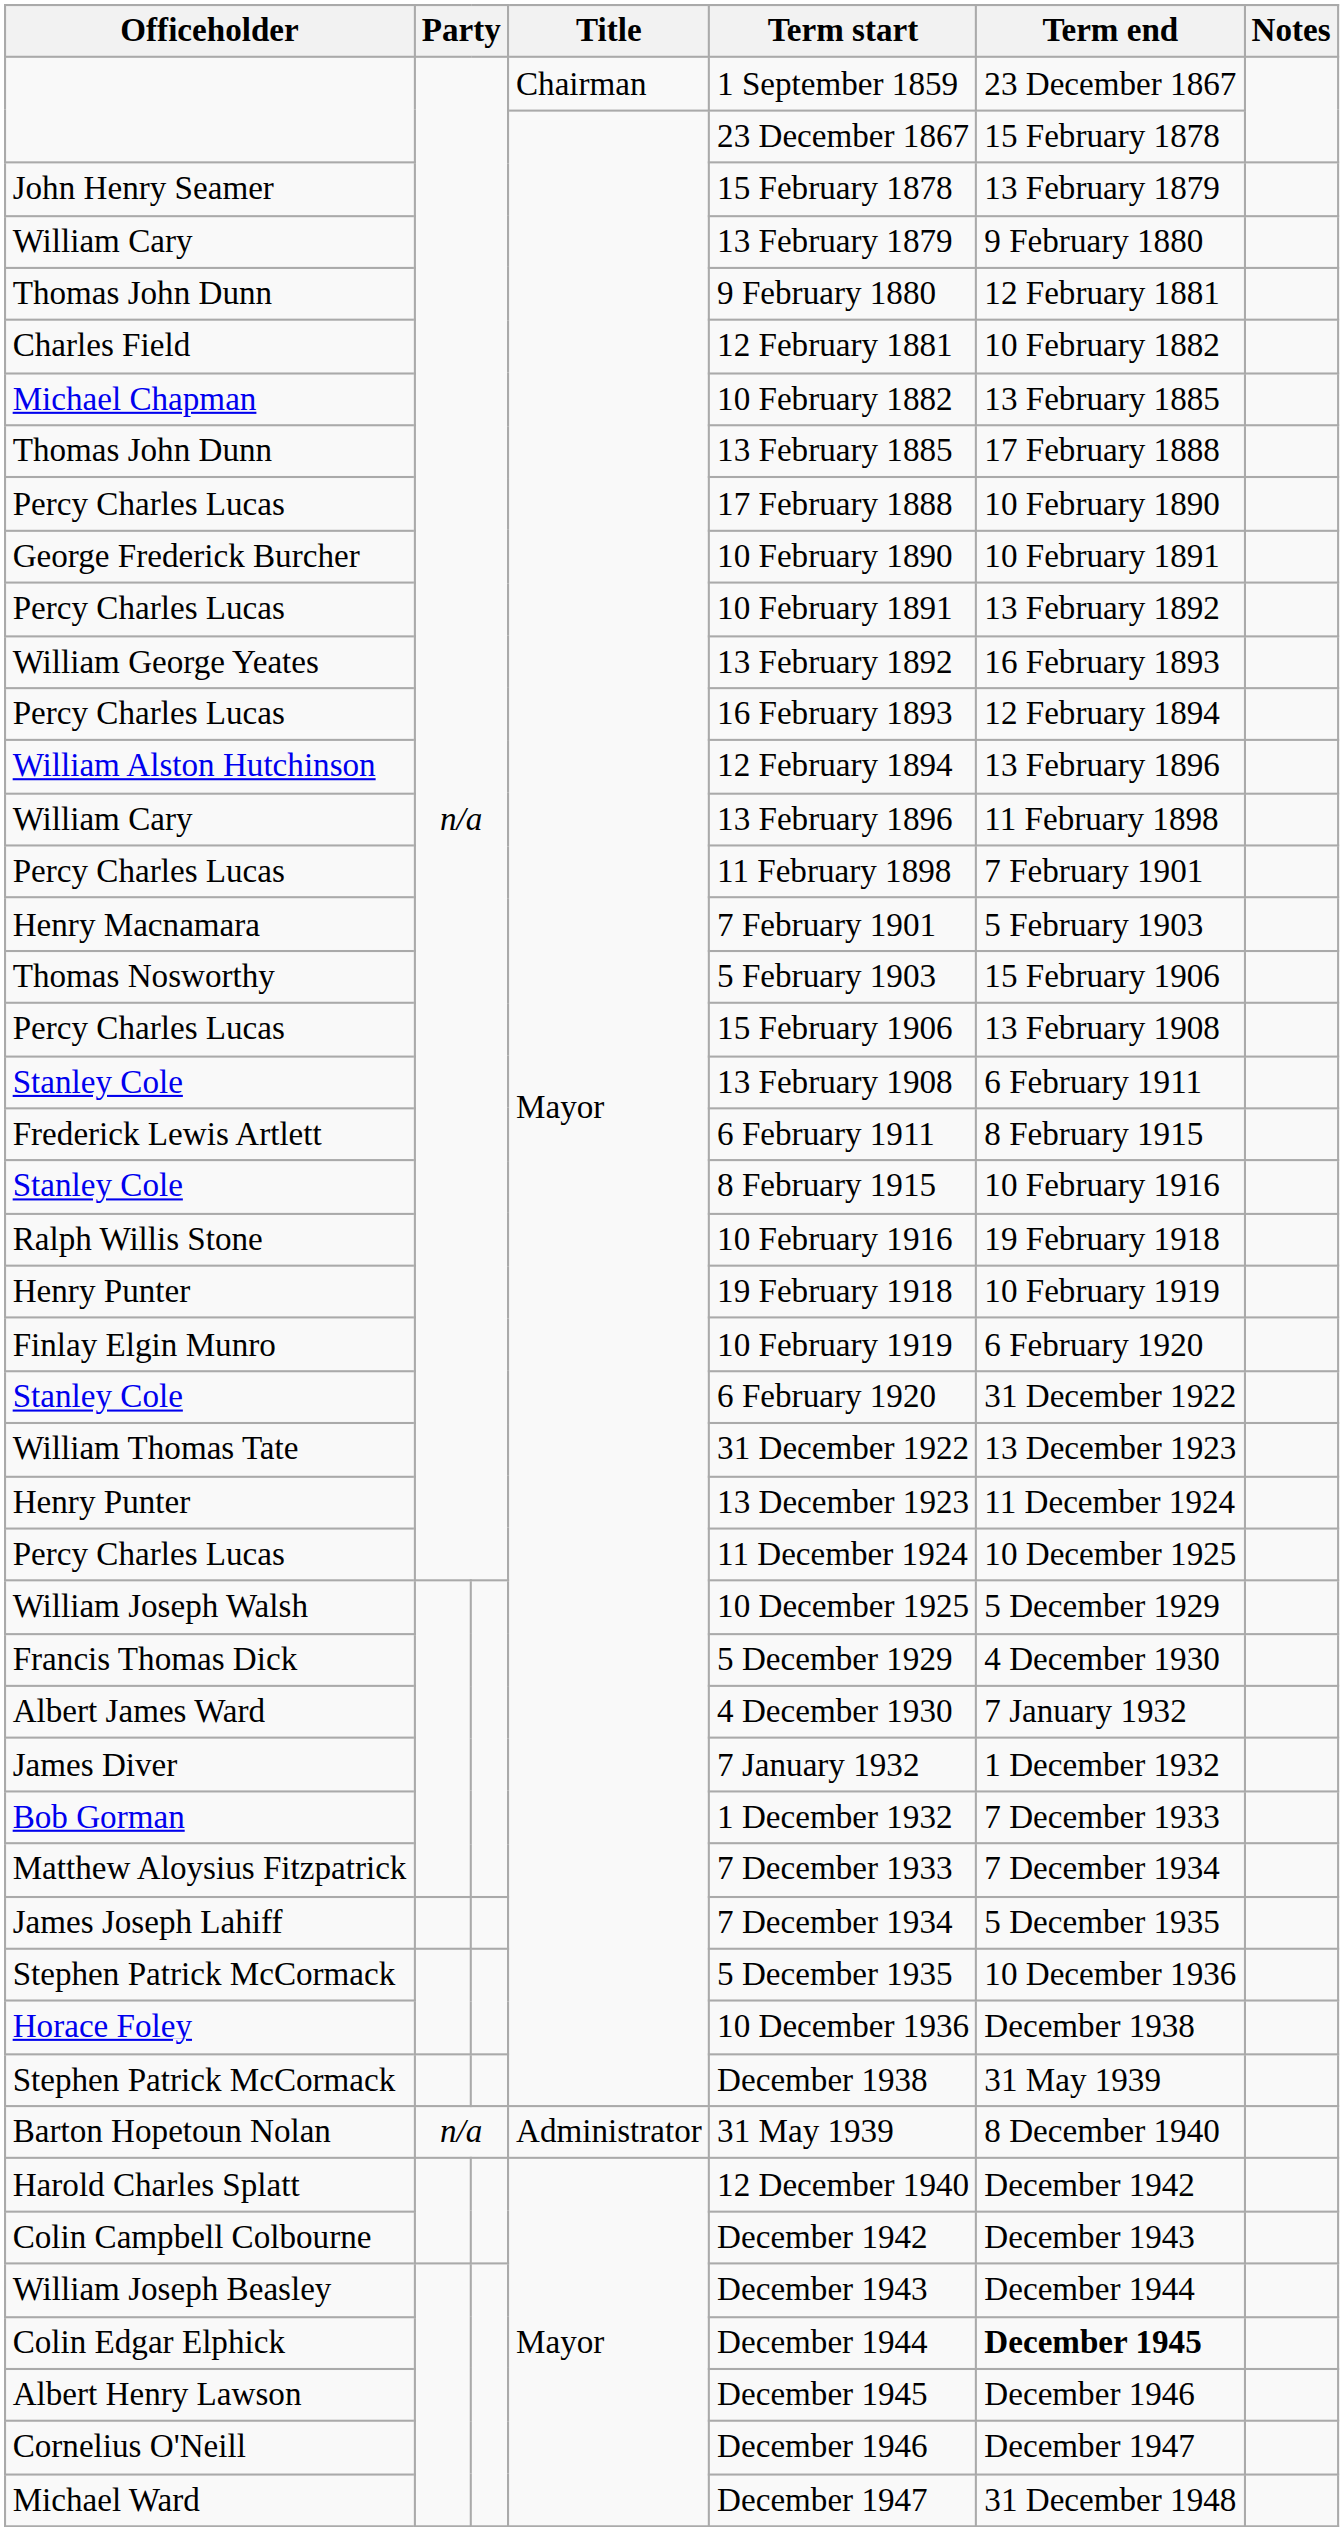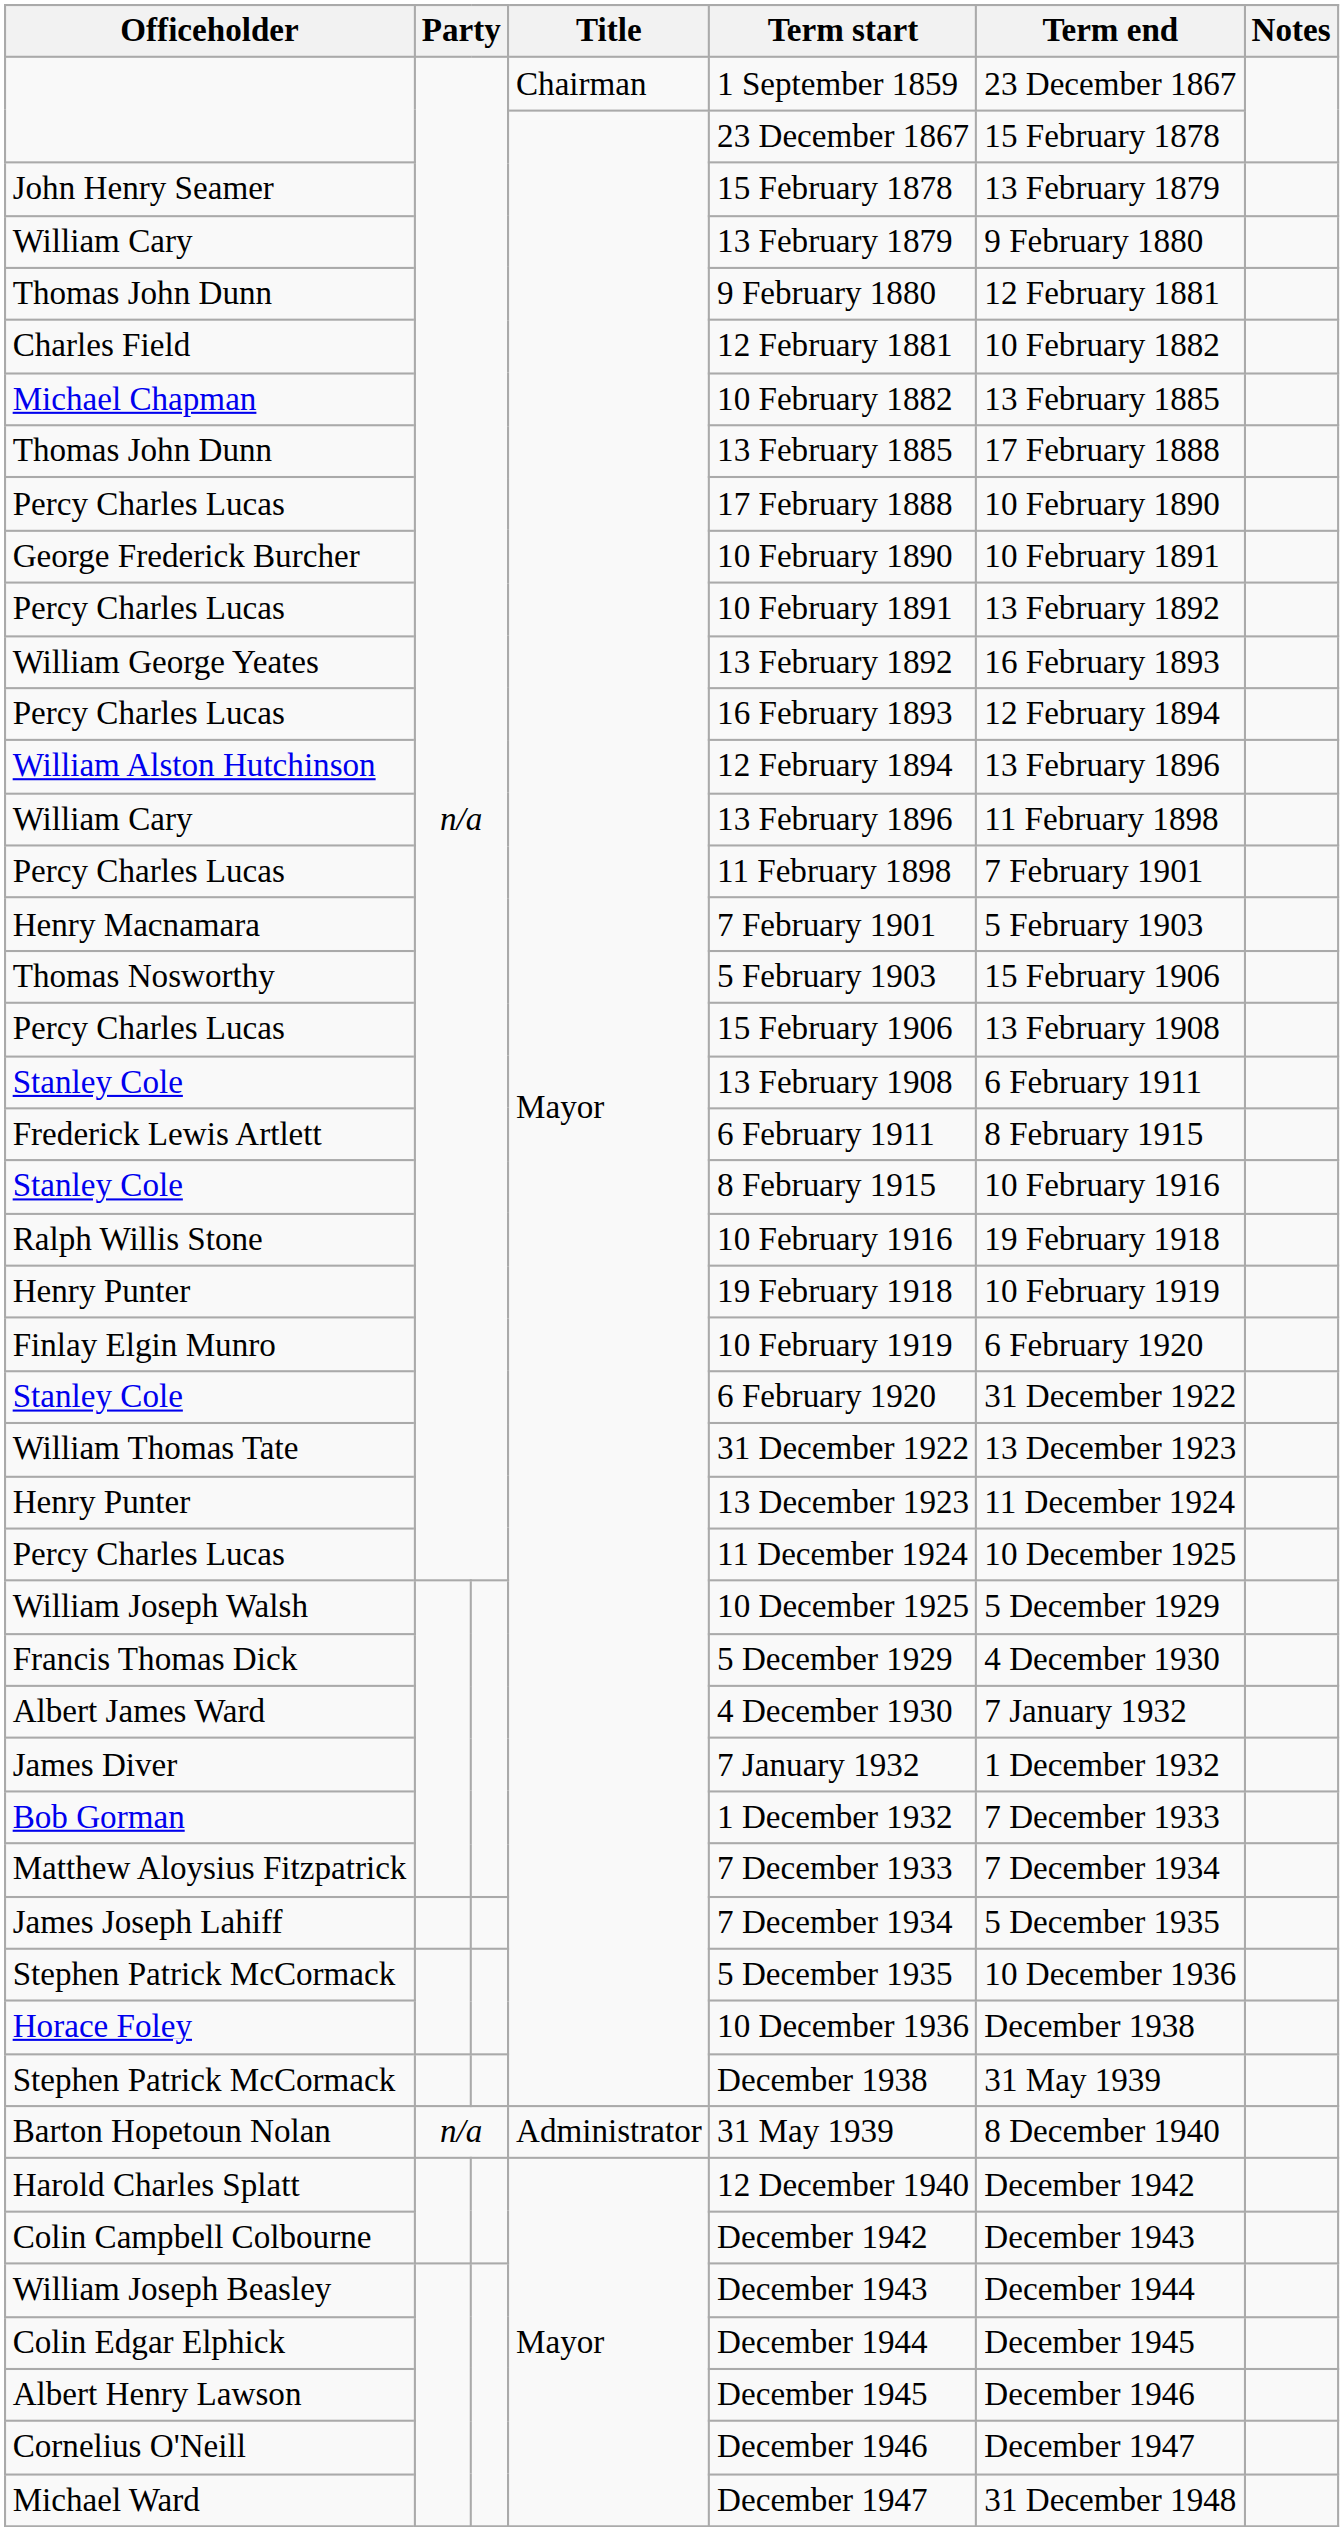 <table class="wikitable sortable">
 <tr>
 <th>Officeholder</th>
 <th colspan="2">Party</th>
 <th>Title</th>
 <th>Term start</th>
 <th>Term end</th>
 <th>Notes</th>
 </tr>
 <tr>
 <td rowspan="2"></td>
 <td colspan="2" rowspan="29" align=center><em>n/a</em></td>
 <td>Chairman</td>
 <td>1 September 1859</td>
 <td>23 December 1867</td>
 <td rowspan="2"></td>
 </tr>
 <tr>
 <td rowspan="38">Mayor</td>
 <td>23 December 1867</td>
 <td>15 February 1878</td>
 </tr>
 <tr>
 <td>John Henry Seamer</td>
 <td>15 February 1878</td>
 <td>13 February 1879</td>
 <td></td>
 </tr>
 <tr>
 <td>William Cary</td>
 <td>13 February 1879</td>
 <td>9 February 1880</td>
 <td></td>
 </tr>
 <tr>
 <td>Thomas John Dunn</td>
 <td>9 February 1880</td>
 <td>12 February 1881</td>
 <td></td>
 </tr>
 <tr>
 <td>Charles Field</td>
 <td>12 February 1881</td>
 <td>10 February 1882</td>
 <td></td>
 </tr>
 <tr>
 <td><a href='#'>Michael Chapman</a></td>
 <td>10 February 1882</td>
 <td>13 February 1885</td>
 <td></td>
 </tr>
 <tr>
 <td>Thomas John Dunn</td>
 <td>13 February 1885</td>
 <td>17 February 1888</td>
 <td></td>
 </tr>
 <tr>
 <td>Percy Charles Lucas</td>
 <td>17 February 1888</td>
 <td>10 February 1890</td>
 <td></td>
 </tr>
 <tr>
 <td>George Frederick Burcher</td>
 <td>10 February 1890</td>
 <td>10 February 1891</td>
 <td></td>
 </tr>
 <tr>
 <td>Percy Charles Lucas</td>
 <td>10 February 1891</td>
 <td>13 February 1892</td>
 <td></td>
 </tr>
 <tr>
 <td>William George Yeates</td>
 <td>13 February 1892</td>
 <td>16 February 1893</td>
 <td></td>
 </tr>
 <tr>
 <td>Percy Charles Lucas</td>
 <td>16 February 1893</td>
 <td>12 February 1894</td>
 <td></td>
 </tr>
 <tr>
 <td><a href='#'>William Alston Hutchinson</a></td>
 <td>12 February 1894</td>
 <td>13 February 1896</td>
 <td></td>
 </tr>
 <tr>
 <td>William Cary</td>
 <td>13 February 1896</td>
 <td>11 February 1898</td>
 <td></td>
 </tr>
 <tr>
 <td>Percy Charles Lucas</td>
 <td>11 February 1898</td>
 <td>7 February 1901</td>
 <td></td>
 </tr>
 <tr>
 <td>Henry Macnamara</td>
 <td>7 February 1901</td>
 <td>5 February 1903</td>
 <td></td>
 </tr>
 <tr>
 <td>Thomas Nosworthy</td>
 <td>5 February 1903</td>
 <td>15 February 1906</td>
 <td></td>
 </tr>
 <tr>
 <td>Percy Charles Lucas</td>
 <td>15 February 1906</td>
 <td>13 February 1908</td>
 <td></td>
 </tr>
 <tr>
 <td><a href='#'>Stanley Cole</a></td>
 <td>13 February 1908</td>
 <td>6 February 1911</td>
 <td></td>
 </tr>
 <tr>
 <td>Frederick Lewis Artlett</td>
 <td>6 February 1911</td>
 <td>8 February 1915</td>
 <td></td>
 </tr>
 <tr>
 <td><a href='#'>Stanley Cole</a></td>
 <td>8 February 1915</td>
 <td>10 February 1916</td>
 <td></td>
 </tr>
 <tr>
 <td>Ralph Willis Stone</td>
 <td>10 February 1916</td>
 <td>19 February 1918</td>
 <td></td>
 </tr>
 <tr>
 <td>Henry Punter</td>
 <td>19 February 1918</td>
 <td>10 February 1919</td>
 <td></td>
 </tr>
 <tr>
 <td>Finlay Elgin Munro</td>
 <td>10 February 1919</td>
 <td>6 February 1920</td>
 <td></td>
 </tr>
 <tr>
 <td><a href='#'>Stanley Cole</a></td>
 <td>6 February 1920</td>
 <td>31 December 1922</td>
 <td></td>
 </tr>
 <tr>
 <td>William Thomas Tate</td>
 <td>31 December 1922</td>
 <td>13 December 1923</td>
 <td></td>
 </tr>
 <tr>
 <td>Henry Punter</td>
 <td>13 December 1923</td>
 <td>11 December 1924</td>
 <td></td>
 </tr>
 <tr>
 <td>Percy Charles Lucas</td>
 <td>11 December 1924</td>
 <td>10 December 1925</td>
 <td></td>
 </tr>
 <tr>
 <td>William Joseph Walsh</td>
 <td rowspan="6" > </td>
 <td rowspan="6"></td>
 <td>10 December 1925</td>
 <td>5 December 1929</td>
 <td></td>
 </tr>
 <tr>
 <td>Francis Thomas Dick</td>
 <td>5 December 1929</td>
 <td>4 December 1930</td>
 <td></td>
 </tr>
 <tr>
 <td>Albert James Ward</td>
 <td>4 December 1930</td>
 <td>7 January 1932</td>
 <td></td>
 </tr>
 <tr>
 <td>James Diver</td>
 <td>7 January 1932</td>
 <td>1 December 1932</td>
 <td></td>
 </tr>
 <tr>
 <td><a href='#'>Bob Gorman</a></td>
 <td>1 December 1932</td>
 <td>7 December 1933</td>
 <td></td>
 </tr>
 <tr>
 <td>Matthew Aloysius Fitzpatrick</td>
 <td>7 December 1933</td>
 <td>7 December 1934</td>
 <td></td>
 </tr>
 <tr>
 <td>James Joseph Lahiff</td>
 <td></td>
 <td></td>
 <td>7 December 1934</td>
 <td>5 December 1935</td>
 <td></td>
 </tr>
 <tr>
 <td>Stephen Patrick McCormack</td>
 <td rowspan="2" > </td>
 <td rowspan="2"></td>
 <td>5 December 1935</td>
 <td>10 December 1936</td>
 <td></td>
 </tr>
 <tr>
 <td><a href='#'>Horace Foley</a></td>
 <td>10 December 1936</td>
 <td>December 1938</td>
 <td></td>
 </tr>
 <tr>
 <td>Stephen Patrick McCormack</td>
 <td> </td>
 <td></td>
 <td>December 1938</td>
 <td>31 May 1939</td>
 <td></td>
 </tr>
 <tr>
 <td>Barton Hopetoun Nolan</td>
 <td colspan="2" align=center><em>n/a</em></td>
 <td>Administrator</td>
 <td>31 May 1939</td>
 <td>8 December 1940</td>
 <td></td>
 </tr>
 <tr>
 <td>Harold Charles Splatt</td>
 <td rowspan="2" > </td>
 <td rowspan="2"></td>
 <td rowspan="7">Mayor</td>
 <td>12 December 1940</td>
 <td>December 1942</td>
 <td></td>
 </tr>
 <tr>
 <td>Colin Campbell Colbourne</td>
 <td>December 1942</td>
 <td>December 1943</td>
 <td></td>
 </tr>
 <tr>
 <td>William Joseph Beasley</td>
 <td rowspan="5" > </td>
 <td rowspan="5"></td>
 <td>December 1943</td>
 <td>December 1944</td>
 <td></td>
 </tr>
 <tr>
 <td>Colin Edgar Elphick</td>
 <td>December 1944</td>
-<td><strong>December 1945</strong></td>
+<td>December 1945</td>
 <td></td>
 </tr>
 <tr>
 <td>Albert Henry Lawson</td>
 <td>December 1945</td>
 <td>December 1946</td>
 <td></td>
 </tr>
 <tr>
 <td>Cornelius O'Neill</td>
 <td>December 1946</td>
 <td>December 1947</td>
 <td></td>
 </tr>
 <tr>
 <td>Michael Ward</td>
 <td>December 1947</td>
 <td>31 December 1948</td>
 <td></td>
 </tr>
 </table>
